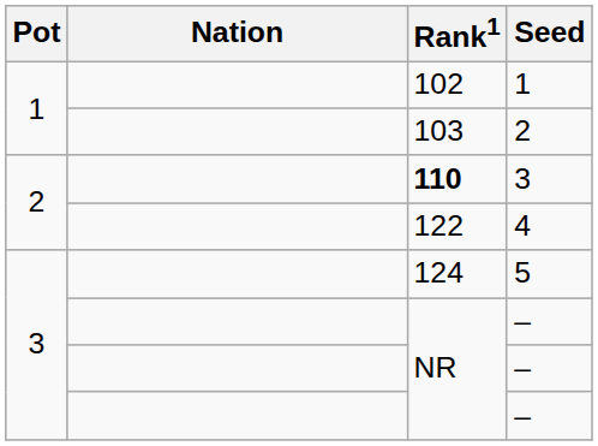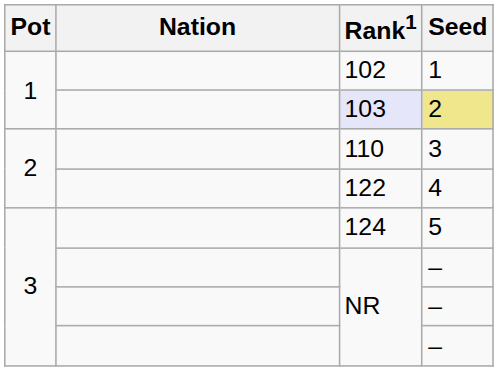 <table class="wikitable">
 <tr>
 <th>Pot</th>
 <th width="175">Nation</th>
 <th>Rank<sup>1</sup></th>
 <th>Seed</th>
 </tr>
 <tr>
 <td rowspan=2 style="text-align:center;">1</td>
 <td></td>
 <td>102</td>
 <td>1</td>
 </tr>
 <tr>
 <td></td>
-<td>103</td>
-<td>2</td>
+<td style="background: lavender;">103</td>
+<td style="background: khaki;">2</td>
 </tr>
 <tr>
 <td rowspan=2 style="text-align:center;">2</td>
 <td></td>
-<td><strong>110</strong></td>
+<td>110</td>
 <td>3</td>
 </tr>
 <tr>
 <td></td>
 <td>122</td>
 <td>4</td>
 </tr>
 <tr>
 <td rowspan=4 style="text-align:center;">3</td>
 <td></td>
 <td>124</td>
 <td>5</td>
 </tr>
 <tr>
 <td></td>
 <td rowspan=3>NR</td>
 <td>–</td>
 </tr>
 <tr>
 <td></td>
 <td>–</td>
 </tr>
 <tr>
 <td></td>
 <td>–</td>
 </tr>
 </table>
